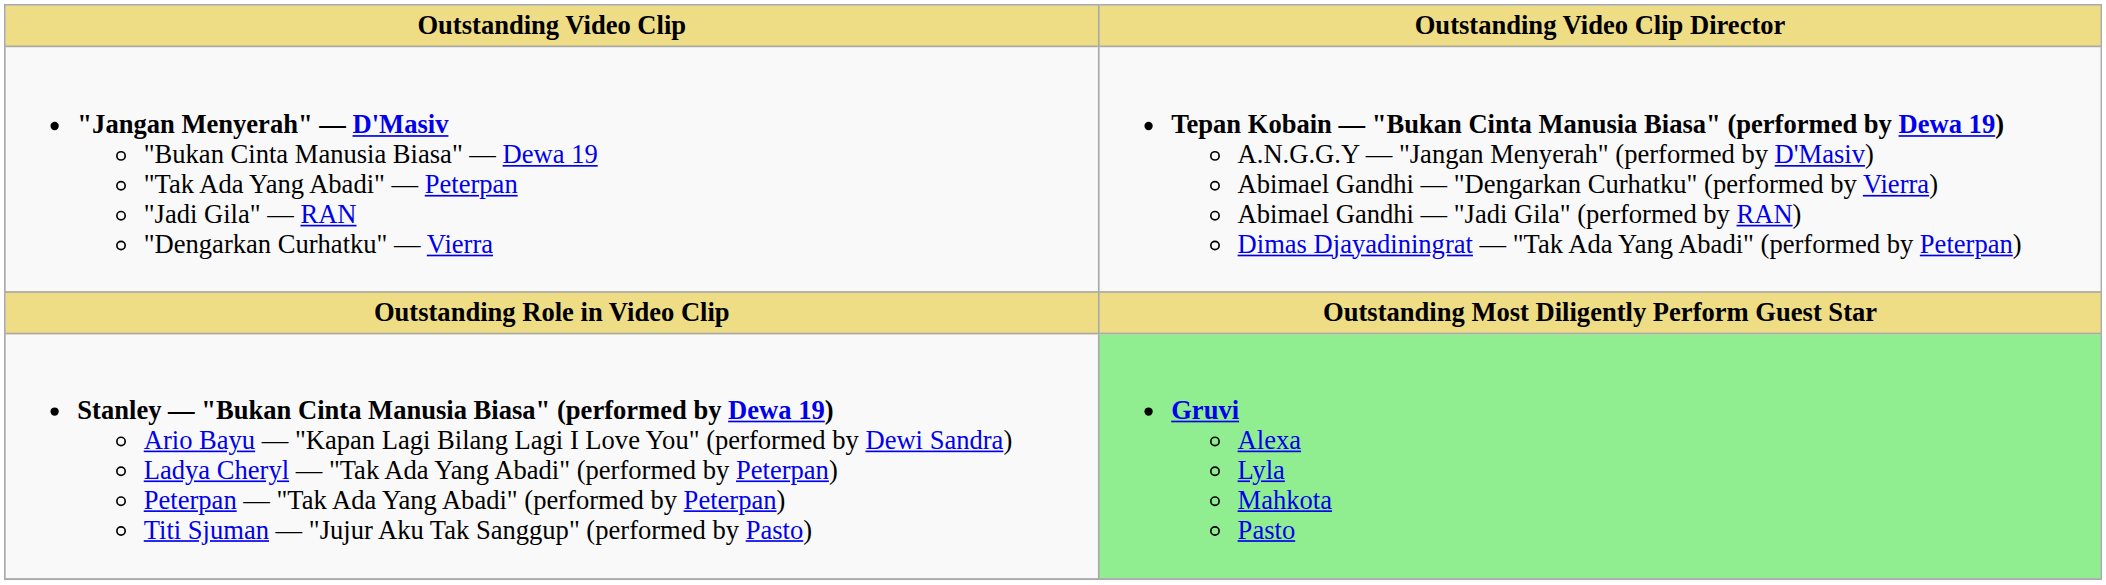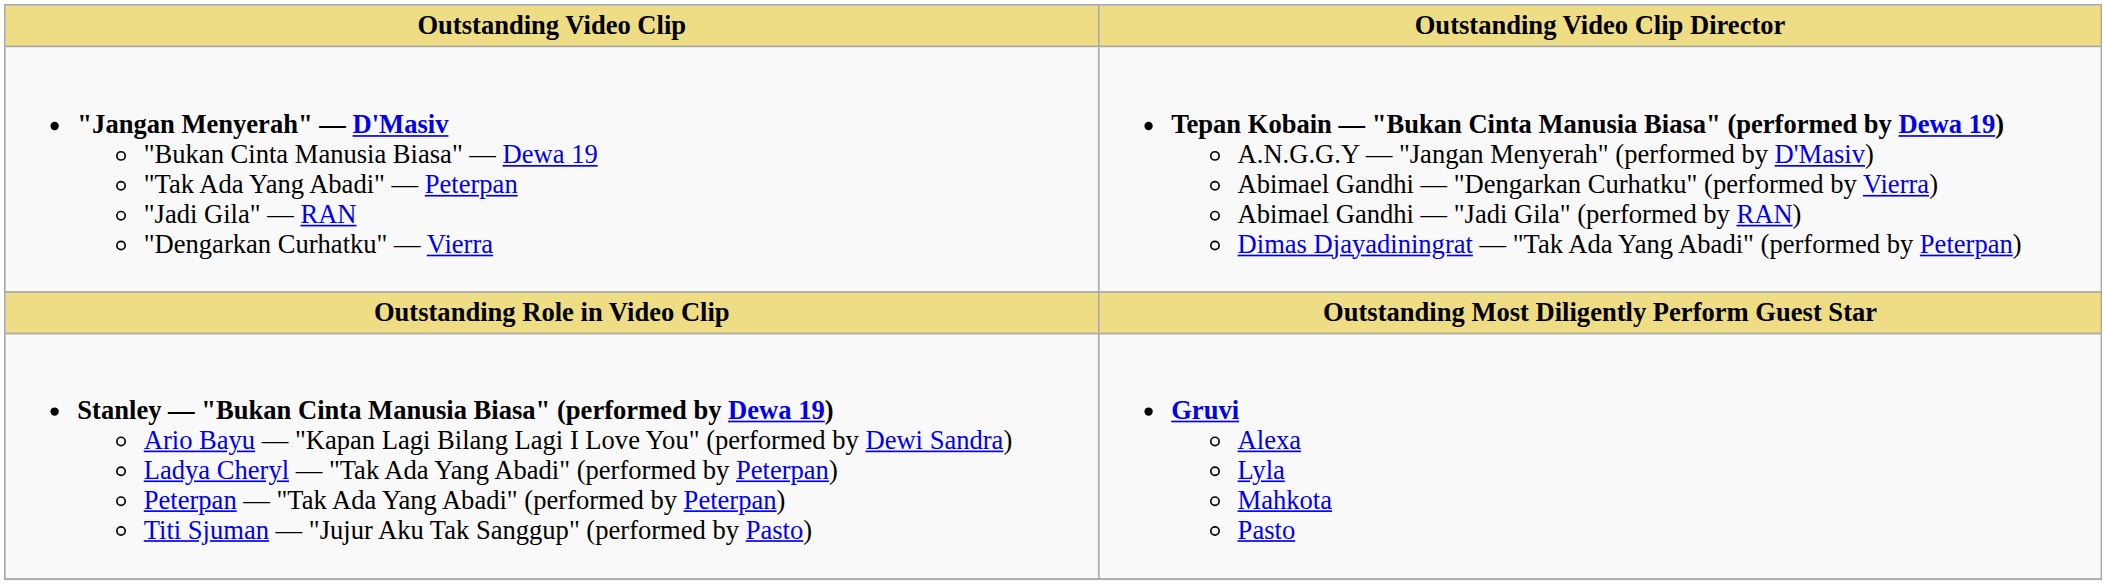 <table class="wikitable" style="width:100%;">
 <tr>
 <th style="background:#EEDD85; width=50%">Outstanding Video Clip</th>
 <th style="background:#EEDD85; width=50%">Outstanding Video Clip Director</th>
 </tr>
 <tr>
 <td valign= "top"><br><ul><li><strong>"Jangan Menyerah" — <a href='#'>D'Masiv</a></strong><ul><li>"Bukan Cinta Manusia Biasa" — <a href='#'>Dewa 19</a></li><li>"Tak Ada Yang Abadi" — <a href='#'>Peterpan</a></li><li>"Jadi Gila" — <a href='#'>RAN</a></li><li>"Dengarkan Curhatku" — <a href='#'>Vierra</a></li></ul></li></ul></td>
 <td valign= "top"><br><ul><li><strong>Tepan Kobain — "Bukan Cinta Manusia Biasa" (performed by <a href='#'>Dewa 19</a>)</strong><ul><li>A.N.G.G.Y — "Jangan Menyerah" (performed by <a href='#'>D'Masiv</a>)</li><li>Abimael Gandhi — "Dengarkan Curhatku" (performed by <a href='#'>Vierra</a>)</li><li>Abimael Gandhi — "Jadi Gila" (performed by <a href='#'>RAN</a>)</li><li><a href='#'>Dimas Djayadiningrat</a> — "Tak Ada Yang Abadi" (performed by <a href='#'>Peterpan</a>)</li></ul></li></ul></td>
 </tr>
 <tr>
 <th style="background:#EEDD85; width=50%">Outstanding Role in Video Clip</th>
 <th style="background:#EEDD85; width=50%">Outstanding Most Diligently Perform Guest Star</th>
 </tr>
 <tr>
 <td valign= "top"><br><ul><li><strong>Stanley — "Bukan Cinta Manusia Biasa" (performed by <a href='#'>Dewa 19</a>)</strong><ul><li><a href='#'>Ario Bayu</a> — "Kapan Lagi Bilang Lagi I Love You" (performed by <a href='#'>Dewi Sandra</a>)</li><li><a href='#'>Ladya Cheryl</a> — "Tak Ada Yang Abadi" (performed by <a href='#'>Peterpan</a>)</li><li><a href='#'>Peterpan</a> — "Tak Ada Yang Abadi" (performed by <a href='#'>Peterpan</a>)</li><li><a href='#'>Titi Sjuman</a> — "Jujur Aku Tak Sanggup" (performed by <a href='#'>Pasto</a>)</li></ul></li></ul></td>
-<td valign= "top" style="background: lightgreen;"><br><ul><li><strong><a href='#'>Gruvi</a></strong><ul><li><a href='#'>Alexa</a></li><li><a href='#'>Lyla</a></li><li><a href='#'>Mahkota</a></li><li><a href='#'>Pasto</a></li></ul></li></ul></td>
+<td valign= "top"><br><ul><li><strong><a href='#'>Gruvi</a></strong><ul><li><a href='#'>Alexa</a></li><li><a href='#'>Lyla</a></li><li><a href='#'>Mahkota</a></li><li><a href='#'>Pasto</a></li></ul></li></ul></td>
 </tr>
 <tr>
 </tr>
 </table>
